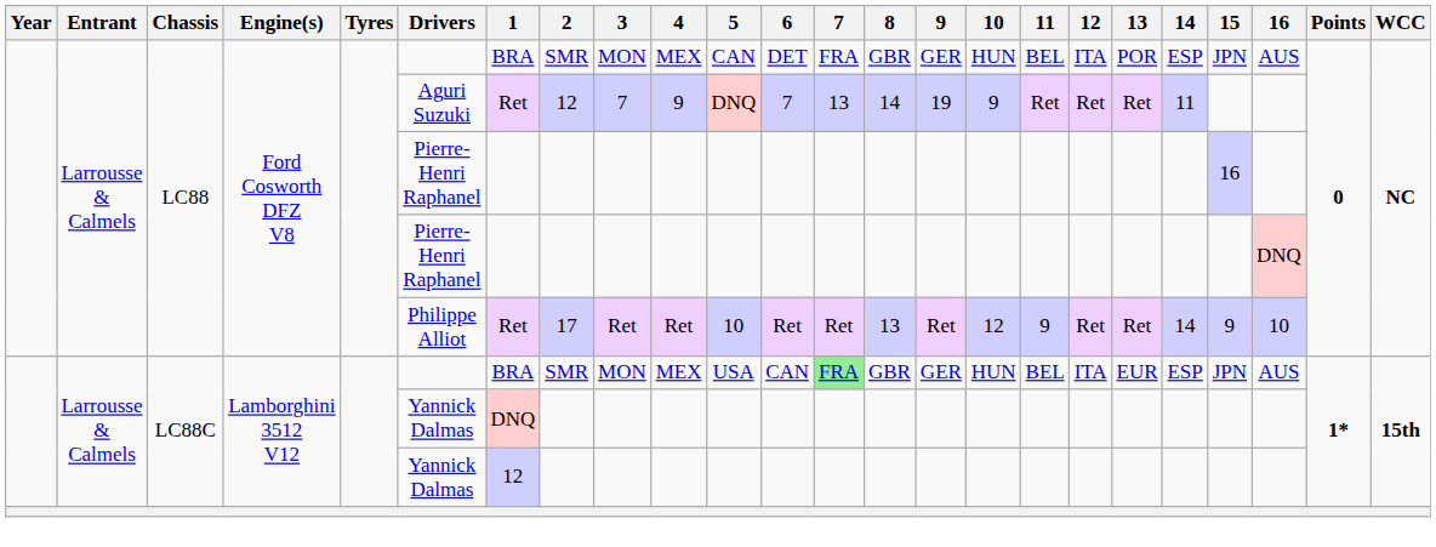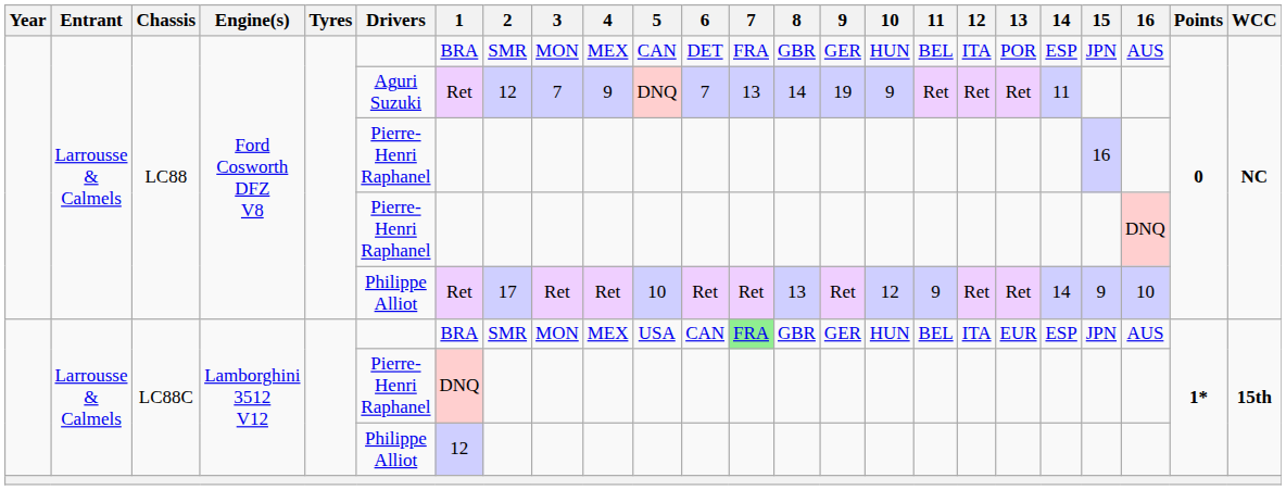 <table class="wikitable" style="text-align:center; font-size:90%">
 <tr>
 <th>Year</th>
 <th>Entrant</th>
 <th>Chassis</th>
 <th>Engine(s)</th>
 <th>Tyres</th>
 <th>Drivers</th>
 <th>1</th>
 <th>2</th>
 <th>3</th>
 <th>4</th>
 <th>5</th>
 <th>6</th>
 <th>7</th>
 <th>8</th>
 <th>9</th>
 <th>10</th>
 <th>11</th>
 <th>12</th>
 <th>13</th>
 <th>14</th>
 <th>15</th>
 <th>16</th>
 <th>Points</th>
 <th>WCC</th>
 </tr>
 <tr>
 <td rowspan="5"></td>
 <td rowspan="5"><a href='#'>Larrousse & Calmels</a></td>
 <td rowspan="5">LC88</td>
 <td rowspan="5"><a href='#'>Ford</a> <a href='#'>Cosworth DFZ</a><br><a href='#'>V8</a></td>
 <td rowspan="5"></td>
 <td></td>
 <td><a href='#'>BRA</a></td>
 <td><a href='#'>SMR</a></td>
 <td><a href='#'>MON</a></td>
 <td><a href='#'>MEX</a></td>
 <td><a href='#'>CAN</a></td>
 <td><a href='#'>DET</a></td>
 <td><a href='#'>FRA</a></td>
 <td><a href='#'>GBR</a></td>
 <td><a href='#'>GER</a></td>
 <td><a href='#'>HUN</a></td>
 <td><a href='#'>BEL</a></td>
 <td><a href='#'>ITA</a></td>
 <td><a href='#'>POR</a></td>
 <td><a href='#'>ESP</a></td>
 <td><a href='#'>JPN</a></td>
 <td><a href='#'>AUS</a></td>
 <td rowspan="5"><strong>0</strong></td>
 <td rowspan="5"><strong>NC</strong></td>
 </tr>
 <tr>
 <td><a href='#'>Aguri Suzuki</a></td>
 <td style="background:#efcfff;">Ret</td>
 <td style="background:#cfcfff;">12</td>
 <td style="background:#cfcfff;">7</td>
 <td style="background:#cfcfff;">9</td>
 <td style="background:#ffcfcf;">DNQ</td>
 <td style="background:#cfcfff;">7</td>
 <td style="background:#cfcfff;">13</td>
 <td style="background:#cfcfff;">14</td>
 <td style="background:#cfcfff;">19</td>
 <td style="background:#cfcfff;">9</td>
 <td style="background:#efcfff;">Ret</td>
 <td style="background:#efcfff;">Ret</td>
 <td style="background:#efcfff;">Ret</td>
 <td style="background:#cfcfff;">11</td>
 <td></td>
 <td></td>
 </tr>
 <tr>
 <td><a href='#'>Pierre-Henri Raphanel</a></td>
 <td></td>
 <td></td>
 <td></td>
 <td></td>
 <td></td>
 <td></td>
 <td></td>
 <td></td>
 <td></td>
 <td></td>
 <td></td>
 <td></td>
 <td></td>
 <td></td>
 <td style="background:#cfcfff;">16</td>
 <td></td>
 </tr>
 <tr>
 <td><a href='#'>Pierre-Henri Raphanel</a></td>
 <td></td>
 <td></td>
 <td></td>
 <td></td>
 <td></td>
 <td></td>
 <td></td>
 <td></td>
 <td></td>
 <td></td>
 <td></td>
 <td></td>
 <td></td>
 <td></td>
 <td></td>
 <td style="background:#ffcfcf;">DNQ</td>
 </tr>
 <tr>
 <td><a href='#'>Philippe Alliot</a></td>
 <td style="background:#efcfff;">Ret</td>
 <td style="background:#cfcfff;">17</td>
 <td style="background:#efcfff;">Ret</td>
 <td style="background:#efcfff;">Ret</td>
 <td style="background:#cfcfff;">10</td>
 <td style="background:#efcfff;">Ret</td>
 <td style="background:#efcfff;">Ret</td>
 <td style="background:#cfcfff;">13</td>
 <td style="background:#efcfff;">Ret</td>
 <td style="background:#cfcfff;">12</td>
 <td style="background:#cfcfff;">9</td>
 <td style="background:#efcfff;">Ret</td>
 <td style="background:#efcfff;">Ret</td>
 <td style="background:#cfcfff;">14</td>
 <td style="background:#cfcfff;">9</td>
 <td style="background:#cfcfff;">10</td>
 </tr>
 <tr>
 <td rowspan="3"></td>
 <td rowspan="3"><a href='#'>Larrousse & Calmels</a></td>
 <td rowspan="3">LC88C</td>
 <td rowspan="3"><a href='#'>Lamborghini 3512</a><br><a href='#'>V12</a></td>
 <td rowspan="3"></td>
 <td></td>
 <td><a href='#'>BRA</a></td>
 <td><a href='#'>SMR</a></td>
 <td><a href='#'>MON</a></td>
 <td><a href='#'>MEX</a></td>
 <td><a href='#'>USA</a></td>
 <td><a href='#'>CAN</a></td>
 <td style="background: lightgreen;"><a href='#'>FRA</a></td>
 <td><a href='#'>GBR</a></td>
 <td><a href='#'>GER</a></td>
 <td><a href='#'>HUN</a></td>
 <td><a href='#'>BEL</a></td>
 <td><a href='#'>ITA</a></td>
 <td><a href='#'>EUR</a></td>
 <td><a href='#'>ESP</a></td>
 <td><a href='#'>JPN</a></td>
 <td><a href='#'>AUS</a></td>
 <td rowspan="3"><strong>1*</strong></td>
 <td rowspan="3"><strong>15th</strong></td>
 </tr>
 <tr>
-<td><a href='#'>Yannick Dalmas</a></td>
+<td><a href='#'>Pierre-Henri Raphanel</a></td>
 <td style="background:#ffcfcf;">DNQ</td>
 <td></td>
 <td></td>
 <td></td>
 <td></td>
 <td></td>
 <td></td>
 <td></td>
 <td></td>
 <td></td>
 <td></td>
 <td></td>
 <td></td>
 <td></td>
 <td></td>
 <td></td>
 </tr>
 <tr>
-<td><a href='#'>Yannick Dalmas</a></td>
+<td><a href='#'>Philippe Alliot</a></td>
 <td style="background:#cfcfff;">12</td>
 <td></td>
 <td></td>
 <td></td>
 <td></td>
 <td></td>
 <td></td>
 <td></td>
 <td></td>
 <td></td>
 <td></td>
 <td></td>
 <td></td>
 <td></td>
 <td></td>
 <td></td>
 </tr>
 <tr>
 <th colspan="24"></th>
 </tr>
 </table>
